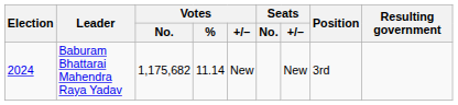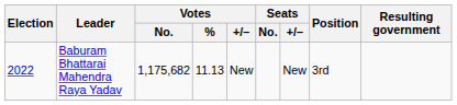 <table class="wikitable">
 <tr>
 <th rowspan="2" style="background-color:">Election</th>
 <th rowspan="2" style="background-color:">Leader</th>
 <th colspan="3" style="background-color:">Votes</th>
 <th colspan="2" style="background-color:">Seats</th>
 <th rowspan="2" style="background-color:">Position</th>
 <th rowspan="2" style="background-color:">Resulting government</th>
 </tr>
 <tr>
 <th style="background-color:">No.</th>
 <th style="background-color:">%</th>
 <th style="background-color:">+/–</th>
 <th style="background-color:">No.</th>
 <th style="background-color:">+/–</th>
 </tr>
 <tr>
-<td><a href='#'>2024</a></td>
+<td><a href='#'>2022</a></td>
 <td><a href='#'>Baburam Bhattarai</a><br><a href='#'>Mahendra Raya Yadav</a></td>
 <td>1,175,682</td>
-<td>11.14</td>
+<td>11.13</td>
 <td>New</td>
 <td></td>
 <td>New</td>
 <td>3rd</td>
 <td></td>
 </tr>
 </table>
